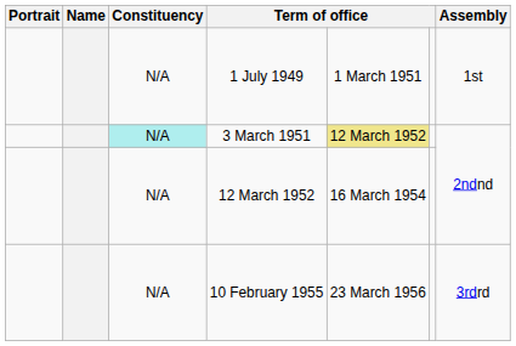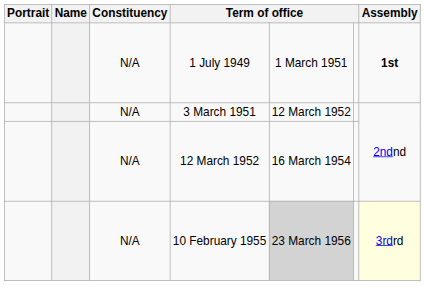 <table class="wikitable sortable" style="text-align:center">
 <tr align="center">
 <th class="unsortable" scope="col">Portrait</th>
 <th scope="col" class="sortable">Name</th>
 <th scope="col">Constituency</th>
 <th colspan="3" scope="colgroup">Term of office</th>
 <th scope="col">Assembly</th>
 </tr>
 <tr align="center">
 <td align="center" height="100px"></td>
 <th scope="row"></th>
 <td>N/A</td>
 <td>1 July 1949</td>
 <td>1 March 1951</td>
 <td></td>
-<td>1st</td>
+<td><strong>1st</strong></td>
 </tr>
 <tr align="center">
 <td></td>
 <th scope="row"></th>
-<td style="background: paleturquoise;">N/A</td>
+<td>N/A</td>
 <td>3 March 1951</td>
-<td style="background: khaki;">12 March 1952</td>
+<td>12 March 1952</td>
 <td></td>
 <td rowspan="2"><a href='#'>2nd</a>nd</td>
 </tr>
 <tr align="center">
 <td align="center" height="100px"></td>
 <th scope="row"></th>
 <td>N/A</td>
 <td>12 March 1952</td>
 <td>16 March 1954</td>
 <td></td>
 </tr>
 <tr align="center">
 <td align="center" height="100px"></td>
 <th scope="row"></th>
 <td>N/A</td>
 <td>10 February 1955</td>
-<td>23 March 1956</td>
+<td style="background: lightgrey;">23 March 1956</td>
 <td></td>
-<td><a href='#'>3rd</a>rd</td>
+<td style="background: lightyellow;"><a href='#'>3rd</a>rd</td>
 </tr>
 </table>
